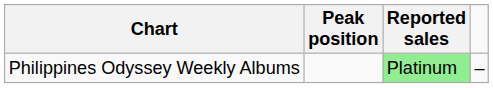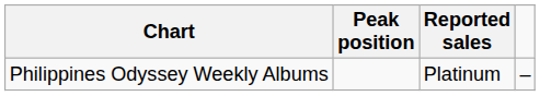 <table class="wikitable">
 <tr>
 <th>Chart</th>
 <th>Peak <br> position</th>
 <th>Reported <br> sales</th>
 </tr>
 <tr>
 <td>Philippines Odyssey Weekly Albums</td>
 <td></td>
-<td style="background: lightgreen;">Platinum</td>
+<td>Platinum</td>
 <td>–</td>
 </tr>
 </table>
